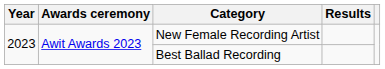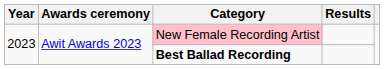 <table class="wikitable">
 <tr>
 <th>Year</th>
 <th>Awards ceremony</th>
 <th>Category</th>
 <th>Results</th>
 <th></th>
 </tr>
 <tr>
 <td rowspan="2">2023</td>
 <td rowspan="2"><a href='#'>Awit Awards 2023</a></td>
-<td>New Female Recording Artist</td>
+<td style="background: pink;">New Female Recording Artist</td>
 <td></td>
 <td rowspan="2"></td>
 </tr>
 <tr>
-<td>Best Ballad Recording</td>
+<td><strong>Best Ballad Recording</strong></td>
 <td></td>
 </tr>
 </table>
